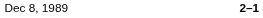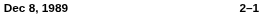 <table width=100% cellspacing=1 style=font-size:90%>
 <tr>
 <th width=120></th>
 <th width=180></th>
 <th width=70></th>
 <th width=180></th>
 <th></th>
 </tr>
 <tr>
-<td align=right>Dec 8, 1989</td>
+<td align=right><strong>Dec 8, 1989</strong></td>
 <td align=right><strong></strong></td>
 <td align=center><strong>2–1</strong></td>
 <td><strong></strong></td>
 </tr>
 </table>
